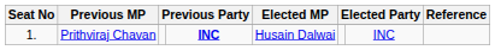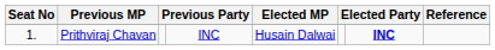 <table class="wikitable">
 <tr>
 <th>Seat No</th>
 <th>Previous MP</th>
 <th colspan=2>Previous Party</th>
 <th>Elected MP</th>
 <th colspan=2>Elected Party</th>
 <th>Reference</th>
 </tr>
 <tr>
 </tr>
 <tr style="text-align:center;">
 <td>1.</td>
 <td><a href='#'>Prithviraj Chavan</a></td>
 <td width="1px"></td>
-<td><strong><a href='#'>INC</a></strong></td>
+<td><a href='#'>INC</a></td>
 <td><a href='#'>Husain Dalwai</a></td>
 <td width="1px"></td>
-<td><a href='#'>INC</a></td>
+<td><strong><a href='#'>INC</a></strong></td>
 <td></td>
 </tr>
 </table>
